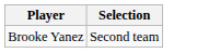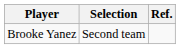 <table class="wikitable sortable sortable" style="text-align: center">
 <tr align=center>
 <th>Player</th>
 <th>Selection</th>
+<th>Ref.</th>
 </tr>
 <tr>
 <td>Brooke Yanez</td>
 <td>Second team</td>
+<td></td>
 </tr>
 </table>
